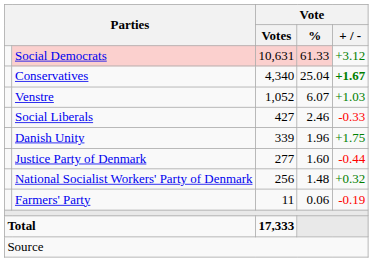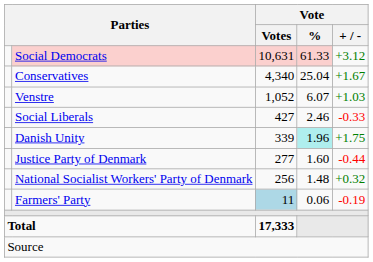 <table class="wikitable" style="text-align:right;">
 <tr>
 <th style="text-align:centre;" rowspan="2" colspan="2" width="225">Parties</th>
 <th colspan="3">Vote</th>
 </tr>
 <tr>
 <th width="15">Votes</th>
 <th width="15">%</th>
 <th width="15">+ / -</th>
 </tr>
 <tr>
 <td width="2" style="color:inherit;background:"></td>
 <td bgcolor=#fbd0ce  align="left"><a href='#'>Social Democrats</a></td>
 <td bgcolor=#fbd0ce>10,631</td>
 <td bgcolor=#fbd0ce>61.33</td>
 <td style=color:green;>+3.12</td>
 </tr>
 <tr>
 <td width="2" style="color:inherit;background:"></td>
 <td align="left"><a href='#'>Conservatives</a></td>
 <td>4,340</td>
 <td>25.04</td>
-<td style=color:green;><strong>+1.67</strong></td>
+<td style=color:green;>+1.67</td>
 </tr>
 <tr>
 <td width="2" style="color:inherit;background:"></td>
 <td align="left"><a href='#'>Venstre</a></td>
 <td>1,052</td>
 <td>6.07</td>
 <td style=color:green;>+1.03</td>
 </tr>
 <tr>
 <td width="2" style="color:inherit;background:"></td>
 <td align="left"><a href='#'>Social Liberals</a></td>
 <td>427</td>
 <td>2.46</td>
 <td style=color:red;>-0.33</td>
 </tr>
 <tr>
 <td width="2" style="color:inherit;background:"></td>
 <td align="left"><a href='#'>Danish Unity</a></td>
 <td>339</td>
-<td>1.96</td>
+<td style="background: paleturquoise;">1.96</td>
 <td style=color:green;>+1.75</td>
 </tr>
 <tr>
 <td width="2" style="color:inherit;background:"></td>
 <td align="left"><a href='#'>Justice Party of Denmark</a></td>
 <td>277</td>
 <td>1.60</td>
 <td style=color:red;>-0.44</td>
 </tr>
 <tr>
 <td width="2" style="color:inherit;background:"></td>
 <td align="left"><a href='#'>National Socialist Workers' Party of Denmark</a></td>
 <td>256</td>
 <td>1.48</td>
 <td style=color:green;>+0.32</td>
 </tr>
 <tr>
 <td width="2" style="color:inherit;background:"></td>
 <td align="left"><a href='#'>Farmers' Party</a></td>
-<td>11</td>
+<td style="background: lightblue;">11</td>
 <td>0.06</td>
 <td style=color:red;>-0.19</td>
 </tr>
 <tr>
 <td colspan="7" bgcolor="#E9E9E9"></td>
 </tr>
 <tr>
 <td align="left" colspan="2"><strong>Total</strong></td>
 <td><strong>17,333</strong></td>
 <td bgcolor="#E9E9E9" colspan="2"></td>
 </tr>
 <tr>
 <td align="left" colspan="6">Source</td>
 </tr>
 </table>
